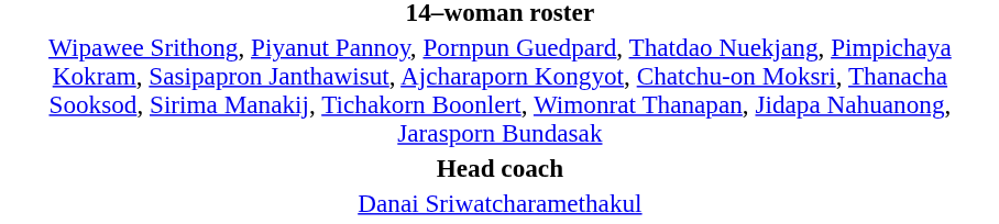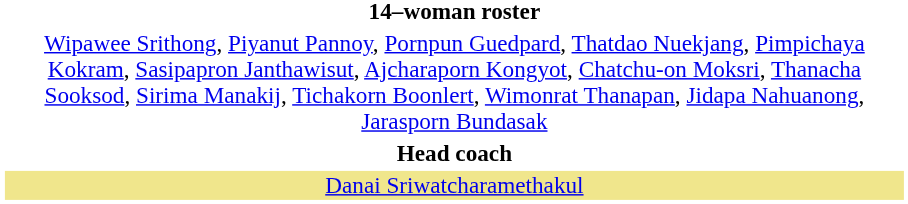 <table style="text-align:center; margin-top:2em; margin-left:auto; margin-right:auto">
 <tr>
 <td><strong>14–woman roster</strong></td>
 </tr>
 <tr>
 <td><a href='#'>Wipawee Srithong</a>, <a href='#'>Piyanut Pannoy</a>, <a href='#'>Pornpun Guedpard</a>, <a href='#'>Thatdao Nuekjang</a>, <a href='#'>Pimpichaya Kokram</a>, <a href='#'>Sasipapron Janthawisut</a>, <a href='#'>Ajcharaporn Kongyot</a>, <a href='#'>Chatchu-on Moksri</a>, <a href='#'>Thanacha Sooksod</a>, <a href='#'>Sirima Manakij</a>, <a href='#'>Tichakorn Boonlert</a>, <a href='#'>Wimonrat Thanapan</a>, <a href='#'>Jidapa Nahuanong</a>, <a href='#'>Jarasporn Bundasak</a></td>
 </tr>
 <tr>
 <td><strong>Head coach</strong></td>
 </tr>
 <tr>
-<td><a href='#'>Danai Sriwatcharamethakul</a></td>
+<td style="background: khaki;"><a href='#'>Danai Sriwatcharamethakul</a></td>
 </tr>
 </table>
